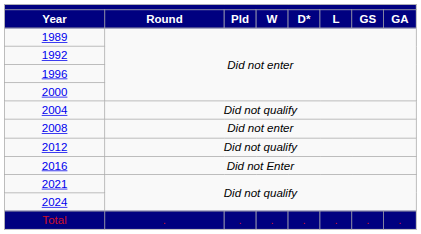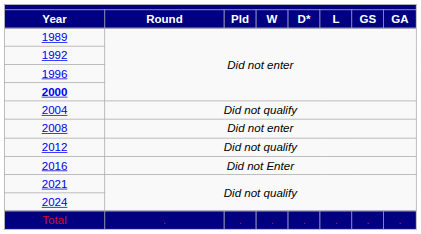 <table class="wikitable" style="text-align: center;font-size:95%;">
 <tr>
 <th colspan="8" style="background: #000080; color:#CE1126;"><a href='#'></a></th>
 </tr>
 <tr style="color:white;">
 <th style="background:#000080;" width=125>Year</th>
 <th style="background:#000080;" width=150>Round</th>
 <th style="background:#000080;" width=35>Pld</th>
 <th style="background:#000080;" width=35>W</th>
 <th style="background:#000080;" width=35>D*</th>
 <th style="background:#000080;" width=35>L</th>
 <th style="background:#000080;" width=35>GS</th>
 <th style="background:#000080;" width=35>GA</th>
 </tr>
 <tr>
 <td> <a href='#'>1989</a></td>
 <td colspan="7" rowspan="4"><em>Did not enter</em></td>
 </tr>
 <tr>
 <td> <a href='#'>1992</a></td>
 </tr>
 <tr>
 <td> <a href='#'>1996</a></td>
 </tr>
 <tr>
-<td> <a href='#'>2000</a></td>
+<td><strong> <a href='#'>2000</a></strong></td>
 </tr>
 <tr>
 <td> <a href='#'>2004</a></td>
 <td colspan="7"><em>Did not qualify</em></td>
 </tr>
 <tr>
 <td> <a href='#'>2008</a></td>
 <td colspan="7"><em>Did not enter</em></td>
 </tr>
 <tr>
 <td> <a href='#'>2012</a></td>
 <td colspan="7"><em>Did not qualify</em></td>
 </tr>
 <tr>
 <td> <a href='#'>2016</a></td>
 <td colspan="7"><em>Did not Enter</em></td>
 </tr>
 <tr>
 <td> <a href='#'>2021</a></td>
 <td colspan="7" rowspan="2"><em>Did not qualify</em></td>
 </tr>
 <tr>
 <td> <a href='#'>2024</a></td>
 </tr>
 <tr bgcolor="#000080" style="color:#CE1126;">
 <td>Total</td>
 <td>.</td>
 <td>.</td>
 <td>.</td>
 <td>.</td>
 <td>.</td>
 <td>.</td>
 <td>.</td>
 </tr>
 </table>
